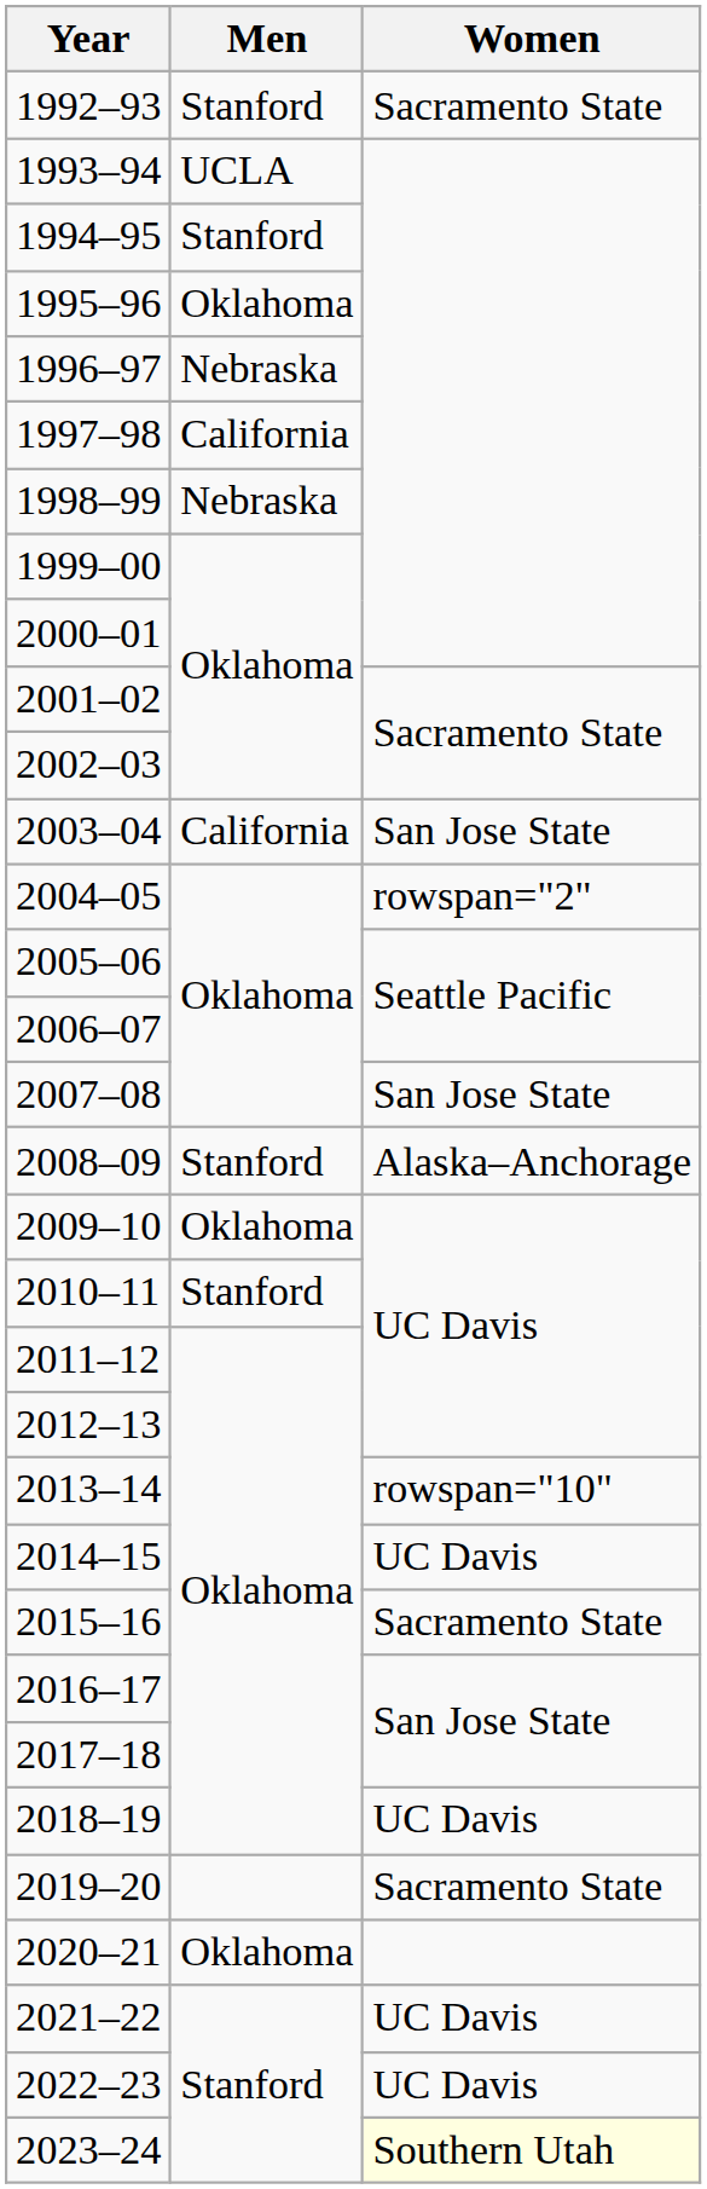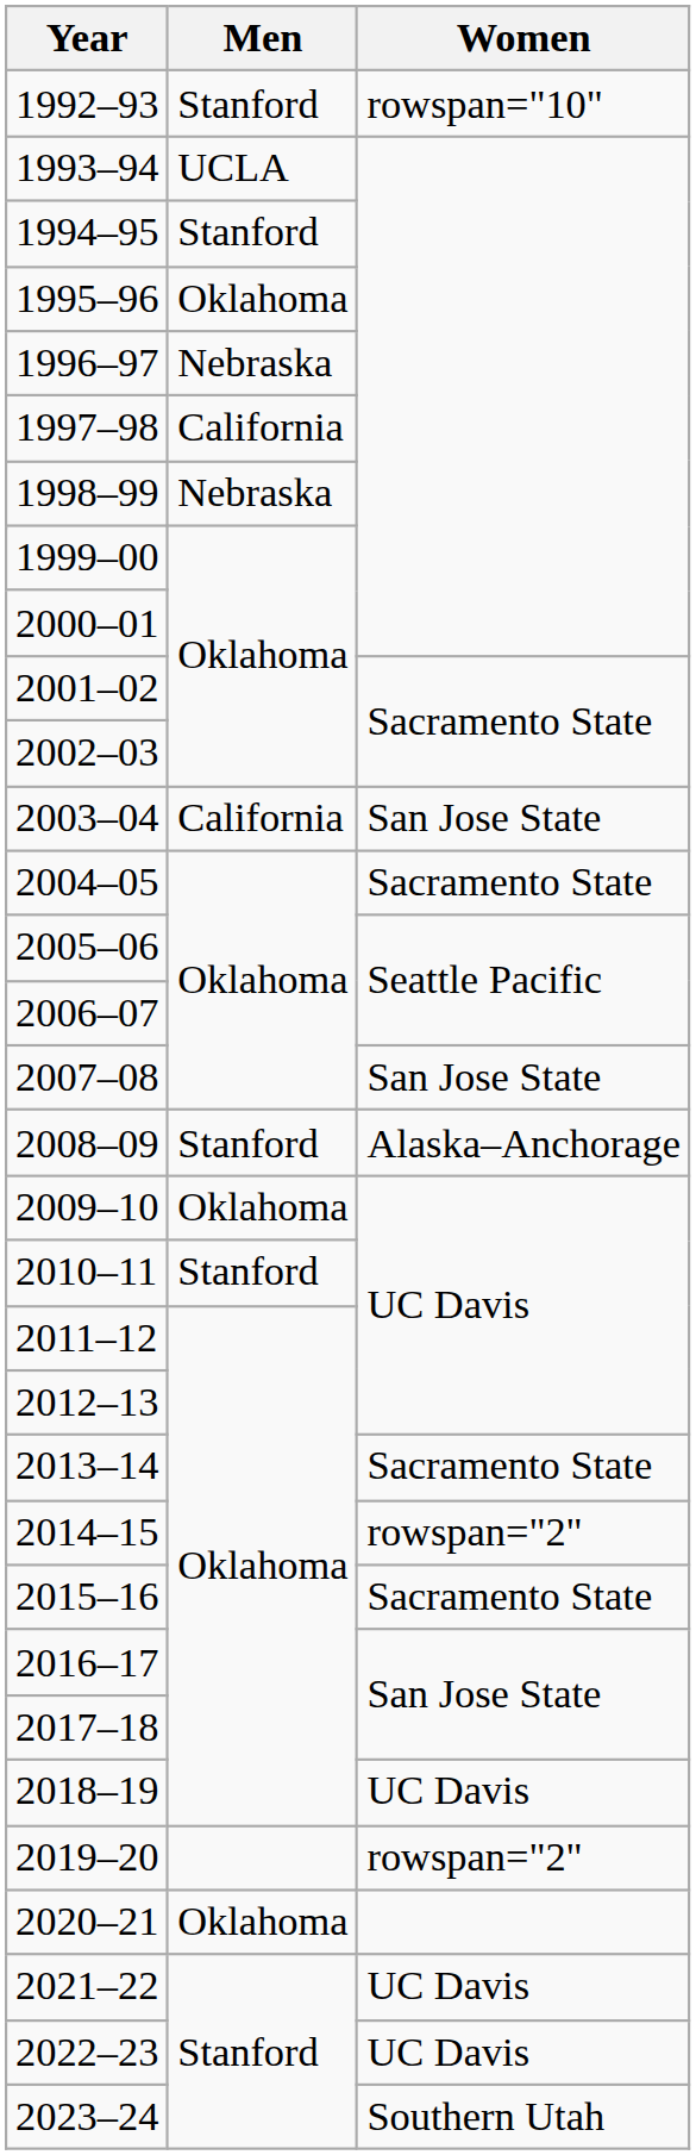 <table class="wikitable">
 <tr>
 <th>Year</th>
 <th>Men</th>
 <th>Women</th>
 </tr>
 <tr>
 <td>1992–93</td>
 <td>Stanford</td>
-<td>Sacramento State</td>
+<td>rowspan="10" </td>
 </tr>
 <tr>
 <td>1993–94</td>
 <td>UCLA</td>
 </tr>
 <tr>
 <td>1994–95</td>
 <td>Stanford</td>
 </tr>
 <tr>
 <td>1995–96</td>
 <td>Oklahoma</td>
 </tr>
 <tr>
 <td>1996–97</td>
 <td>Nebraska</td>
 </tr>
 <tr>
 <td>1997–98</td>
 <td>California</td>
 </tr>
 <tr>
 <td Rowspan="2">1998–99</td>
 <td>Nebraska</td>
 </tr>
 <tr>
 <td Rowspan="5">Oklahoma</td>
 </tr>
 <tr>
 <td>1999–00</td>
 </tr>
 <tr>
 <td>2000–01</td>
 </tr>
 <tr>
 <td>2001–02</td>
 <td Rowspan="2">Sacramento State</td>
 </tr>
 <tr>
 <td>2002–03</td>
 </tr>
 <tr>
 <td>2003–04</td>
 <td>California</td>
 <td>San Jose State</td>
 </tr>
 <tr>
 <td>2004–05</td>
 <td Rowspan="4">Oklahoma</td>
-<td>rowspan="2" </td>
+<td>Sacramento State</td>
 </tr>
 <tr>
 <td>2005–06</td>
 <td Rowspan="2">Seattle Pacific</td>
 </tr>
 <tr>
 <td>2006–07</td>
 </tr>
 <tr>
 <td>2007–08</td>
 <td>San Jose State</td>
 </tr>
 <tr>
 <td>2008–09</td>
 <td>Stanford</td>
 <td>Alaska–Anchorage</td>
 </tr>
 <tr>
 <td>2009–10</td>
 <td>Oklahoma</td>
 <td rowspan="4">UC Davis</td>
 </tr>
 <tr>
 <td>2010–11</td>
 <td>Stanford</td>
 </tr>
 <tr>
 <td>2011–12</td>
 <td Rowspan="8">Oklahoma</td>
 </tr>
 <tr>
 <td>2012–13</td>
 </tr>
 <tr>
 <td>2013–14</td>
-<td>rowspan="10" </td>
+<td>Sacramento State</td>
 </tr>
 <tr>
 <td>2014–15</td>
-<td>UC Davis</td>
+<td>rowspan="2" </td>
 </tr>
 <tr>
 <td>2015–16</td>
 <td>Sacramento State</td>
 </tr>
 <tr>
 <td>2016–17</td>
 <td rowspan="2">San Jose State</td>
 </tr>
 <tr>
 <td>2017–18</td>
 </tr>
 <tr>
 <td>2018–19</td>
 <td>UC Davis</td>
 </tr>
 <tr>
 <td>2019–20</td>
 <td></td>
-<td>Sacramento State</td>
+<td>rowspan="2" </td>
 </tr>
 <tr>
 <td>2020–21</td>
 <td>Oklahoma</td>
 </tr>
 <tr>
 <td>2021–22</td>
 <td rowspan=3>Stanford</td>
 <td>UC Davis</td>
 </tr>
 <tr>
 <td>2022–23</td>
 <td>UC Davis</td>
 </tr>
 <tr>
 <td>2023–24</td>
-<td style="background: lightyellow;">Southern Utah</td>
+<td>Southern Utah</td>
 </tr>
 </table>
